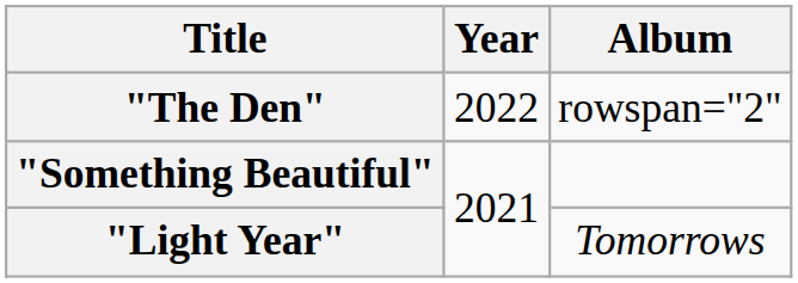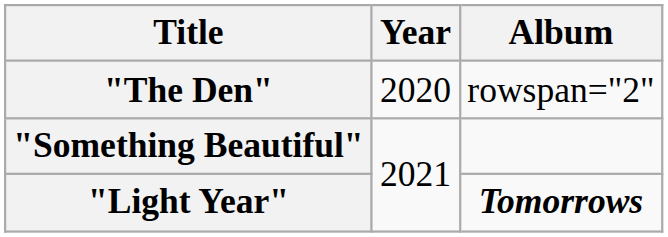 <table class="wikitable plainrowheaders" style="text-align:center;">
 <tr>
 <th scope="col" rowspan="1">Title</th>
 <th scope="col" rowspan="1">Year</th>
 <th scope="col" rowspan="1">Album</th>
 </tr>
 <tr>
 <th scope="row">"The Den"<br></th>
-<td>2022</td>
+<td>2020</td>
 <td>rowspan="2" </td>
 </tr>
 <tr>
 <th scope="row">"Something Beautiful"<br></th>
 <td rowspan="2">2021</td>
 </tr>
 <tr>
 <th scope="row">"Light Year"<br></th>
-<td><em>Tomorrows</em></td>
+<td><strong><em>Tomorrows</em></strong></td>
 </tr>
 </table>
